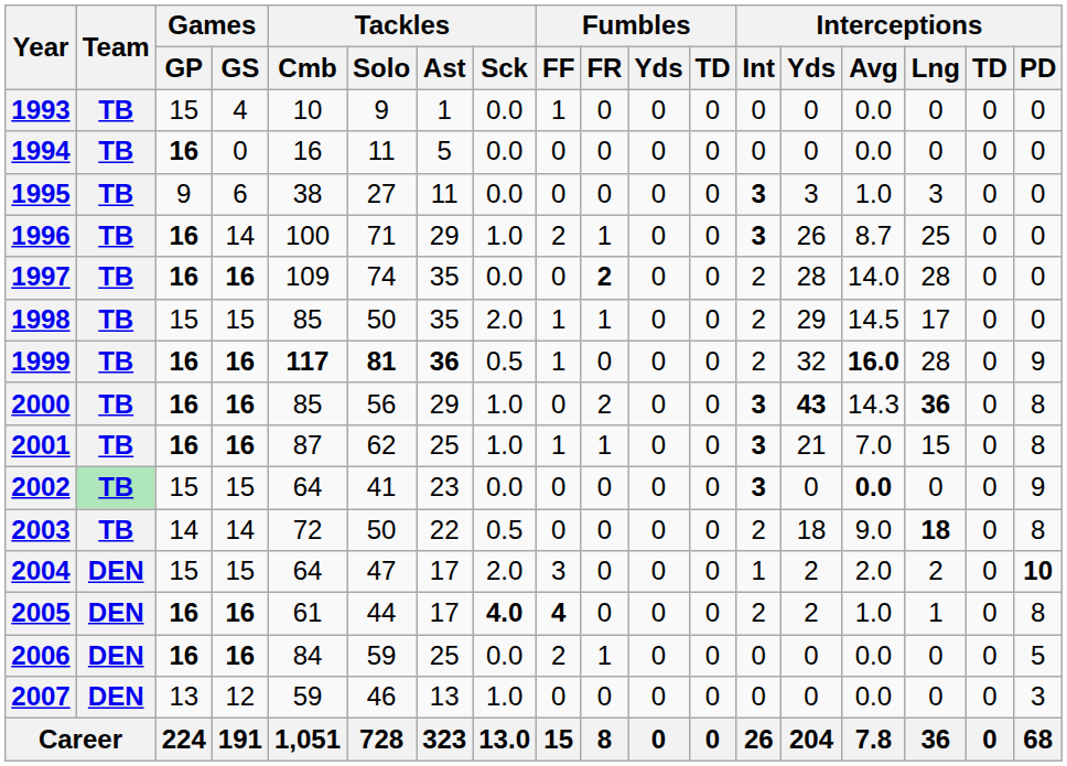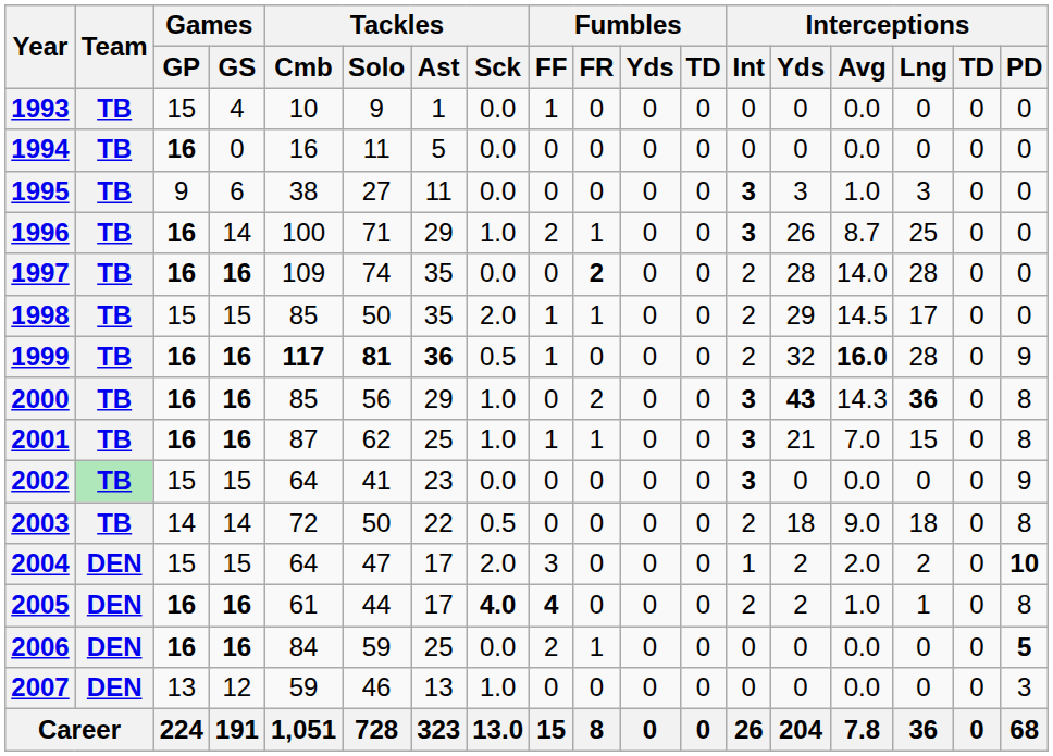 <table class="wikitable" style="text-align:center;">
 <tr>
 <th rowspan="2">Year</th>
 <th rowspan="2">Team</th>
 <th colspan="2">Games</th>
 <th colspan="4">Tackles</th>
 <th colspan="4">Fumbles</th>
 <th colspan="6">Interceptions</th>
 </tr>
 <tr>
 <th>GP</th>
 <th>GS</th>
 <th>Cmb</th>
 <th>Solo</th>
 <th>Ast</th>
 <th>Sck</th>
 <th>FF</th>
 <th>FR</th>
 <th>Yds</th>
 <th>TD</th>
 <th>Int</th>
 <th>Yds</th>
 <th>Avg</th>
 <th>Lng</th>
 <th>TD</th>
 <th>PD</th>
 </tr>
 <tr>
 <th><a href='#'>1993</a></th>
 <th><a href='#'>TB</a></th>
 <td>15</td>
 <td>4</td>
 <td>10</td>
 <td>9</td>
 <td>1</td>
 <td>0.0</td>
 <td>1</td>
 <td>0</td>
 <td>0</td>
 <td>0</td>
 <td>0</td>
 <td>0</td>
 <td>0.0</td>
 <td>0</td>
 <td>0</td>
 <td>0</td>
 </tr>
 <tr>
 <th><a href='#'>1994</a></th>
 <th><a href='#'>TB</a></th>
 <td><strong>16</strong></td>
 <td>0</td>
 <td>16</td>
 <td>11</td>
 <td>5</td>
 <td>0.0</td>
 <td>0</td>
 <td>0</td>
 <td>0</td>
 <td>0</td>
 <td>0</td>
 <td>0</td>
 <td>0.0</td>
 <td>0</td>
 <td>0</td>
 <td>0</td>
 </tr>
 <tr>
 <th><a href='#'>1995</a></th>
 <th><a href='#'>TB</a></th>
 <td>9</td>
 <td>6</td>
 <td>38</td>
 <td>27</td>
 <td>11</td>
 <td>0.0</td>
 <td>0</td>
 <td>0</td>
 <td>0</td>
 <td>0</td>
 <td><strong>3</strong></td>
 <td>3</td>
 <td>1.0</td>
 <td>3</td>
 <td>0</td>
 <td>0</td>
 </tr>
 <tr>
 <th><a href='#'>1996</a></th>
 <th><a href='#'>TB</a></th>
 <td><strong>16</strong></td>
 <td>14</td>
 <td>100</td>
 <td>71</td>
 <td>29</td>
 <td>1.0</td>
 <td>2</td>
 <td>1</td>
 <td>0</td>
 <td>0</td>
 <td><strong>3</strong></td>
 <td>26</td>
 <td>8.7</td>
 <td>25</td>
 <td>0</td>
 <td>0</td>
 </tr>
 <tr>
 <th><a href='#'>1997</a></th>
 <th><a href='#'>TB</a></th>
 <td><strong>16</strong></td>
 <td><strong>16</strong></td>
 <td>109</td>
 <td>74</td>
 <td>35</td>
 <td>0.0</td>
 <td>0</td>
 <td><strong>2</strong></td>
 <td>0</td>
 <td>0</td>
 <td>2</td>
 <td>28</td>
 <td>14.0</td>
 <td>28</td>
 <td>0</td>
 <td>0</td>
 </tr>
 <tr>
 <th><a href='#'>1998</a></th>
 <th><a href='#'>TB</a></th>
 <td>15</td>
 <td>15</td>
 <td>85</td>
 <td>50</td>
 <td>35</td>
 <td>2.0</td>
 <td>1</td>
 <td>1</td>
 <td>0</td>
 <td>0</td>
 <td>2</td>
 <td>29</td>
 <td>14.5</td>
 <td>17</td>
 <td>0</td>
 <td>0</td>
 </tr>
 <tr>
 <th><a href='#'>1999</a></th>
 <th><a href='#'>TB</a></th>
 <td><strong>16</strong></td>
 <td><strong>16</strong></td>
 <td><strong>117</strong></td>
 <td><strong>81</strong></td>
 <td><strong>36</strong></td>
 <td>0.5</td>
 <td>1</td>
 <td>0</td>
 <td>0</td>
 <td>0</td>
 <td>2</td>
 <td>32</td>
 <td><strong>16.0</strong></td>
 <td>28</td>
 <td>0</td>
 <td>9</td>
 </tr>
 <tr>
 <th><a href='#'>2000</a></th>
 <th><a href='#'>TB</a></th>
 <td><strong>16</strong></td>
 <td><strong>16</strong></td>
 <td>85</td>
 <td>56</td>
 <td>29</td>
 <td>1.0</td>
 <td>0</td>
 <td>2</td>
 <td>0</td>
 <td>0</td>
 <td><strong>3</strong></td>
 <td><strong>43</strong></td>
 <td>14.3</td>
 <td><strong>36</strong></td>
 <td>0</td>
 <td>8</td>
 </tr>
 <tr>
 <th><a href='#'>2001</a></th>
 <th><a href='#'>TB</a></th>
 <td><strong>16</strong></td>
 <td><strong>16</strong></td>
 <td>87</td>
 <td>62</td>
 <td>25</td>
 <td>1.0</td>
 <td>1</td>
 <td>1</td>
 <td>0</td>
 <td>0</td>
 <td><strong>3</strong></td>
 <td>21</td>
 <td>7.0</td>
 <td>15</td>
 <td>0</td>
 <td>8</td>
 </tr>
 <tr>
 <th><a href='#'>2002</a></th>
 <th style="background:#afe6ba;"><a href='#'>TB</a></th>
 <td>15</td>
 <td>15</td>
 <td>64</td>
 <td>41</td>
 <td>23</td>
 <td>0.0</td>
 <td>0</td>
 <td>0</td>
 <td>0</td>
 <td>0</td>
 <td><strong>3</strong></td>
 <td>0</td>
-<td><strong>0.0</strong></td>
+<td>0.0</td>
 <td>0</td>
 <td>0</td>
 <td>9</td>
 </tr>
 <tr>
 <th><a href='#'>2003</a></th>
 <th><a href='#'>TB</a></th>
 <td>14</td>
 <td>14</td>
 <td>72</td>
 <td>50</td>
 <td>22</td>
 <td>0.5</td>
 <td>0</td>
 <td>0</td>
 <td>0</td>
 <td>0</td>
 <td>2</td>
 <td>18</td>
 <td>9.0</td>
-<td><strong>18</strong></td>
+<td>18</td>
 <td>0</td>
 <td>8</td>
 </tr>
 <tr>
 <th><a href='#'>2004</a></th>
 <th><a href='#'>DEN</a></th>
 <td>15</td>
 <td>15</td>
 <td>64</td>
 <td>47</td>
 <td>17</td>
 <td>2.0</td>
 <td>3</td>
 <td>0</td>
 <td>0</td>
 <td>0</td>
 <td>1</td>
 <td>2</td>
 <td>2.0</td>
 <td>2</td>
 <td>0</td>
 <td><strong>10</strong></td>
 </tr>
 <tr>
 <th><a href='#'>2005</a></th>
 <th><a href='#'>DEN</a></th>
 <td><strong>16</strong></td>
 <td><strong>16</strong></td>
 <td>61</td>
 <td>44</td>
 <td>17</td>
 <td><strong>4.0</strong></td>
 <td><strong>4</strong></td>
 <td>0</td>
 <td>0</td>
 <td>0</td>
 <td>2</td>
 <td>2</td>
 <td>1.0</td>
 <td>1</td>
 <td>0</td>
 <td>8</td>
 </tr>
 <tr>
 <th><a href='#'>2006</a></th>
 <th><a href='#'>DEN</a></th>
 <td><strong>16</strong></td>
 <td><strong>16</strong></td>
 <td>84</td>
 <td>59</td>
 <td>25</td>
 <td>0.0</td>
 <td>2</td>
 <td>1</td>
 <td>0</td>
 <td>0</td>
 <td>0</td>
 <td>0</td>
 <td>0.0</td>
 <td>0</td>
 <td>0</td>
-<td>5</td>
+<td><strong>5</strong></td>
 </tr>
 <tr>
 <th><a href='#'>2007</a></th>
 <th><a href='#'>DEN</a></th>
 <td>13</td>
 <td>12</td>
 <td>59</td>
 <td>46</td>
 <td>13</td>
 <td>1.0</td>
 <td>0</td>
 <td>0</td>
 <td>0</td>
 <td>0</td>
 <td>0</td>
 <td>0</td>
 <td>0.0</td>
 <td>0</td>
 <td>0</td>
 <td>3</td>
 </tr>
 <tr>
 <th colspan="2">Career</th>
 <th>224</th>
 <th>191</th>
 <th>1,051</th>
 <th>728</th>
 <th>323</th>
 <th>13.0</th>
 <th>15</th>
 <th>8</th>
 <th>0</th>
 <th>0</th>
 <th>26</th>
 <th>204</th>
 <th>7.8</th>
 <th>36</th>
 <th>0</th>
 <th>68</th>
 </tr>
 </table>
